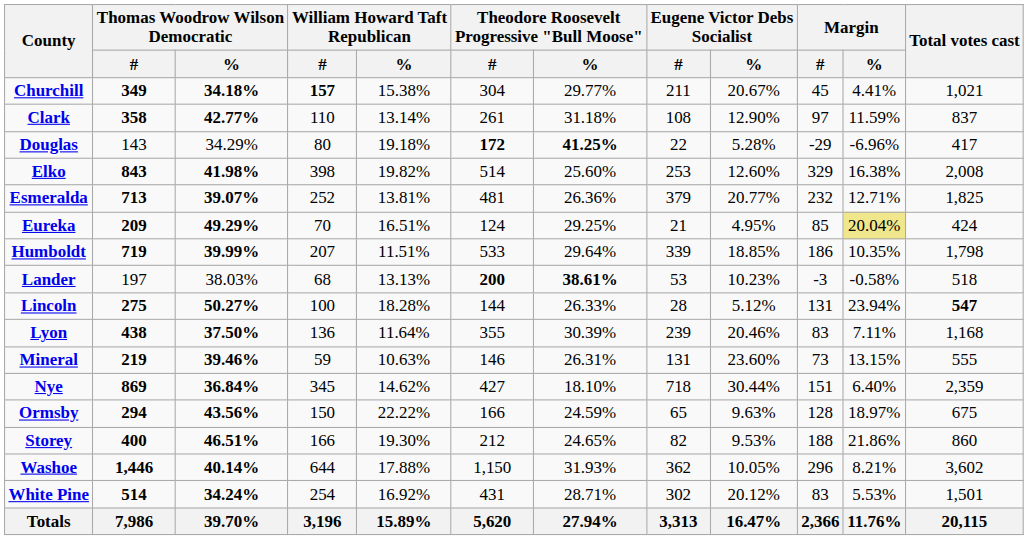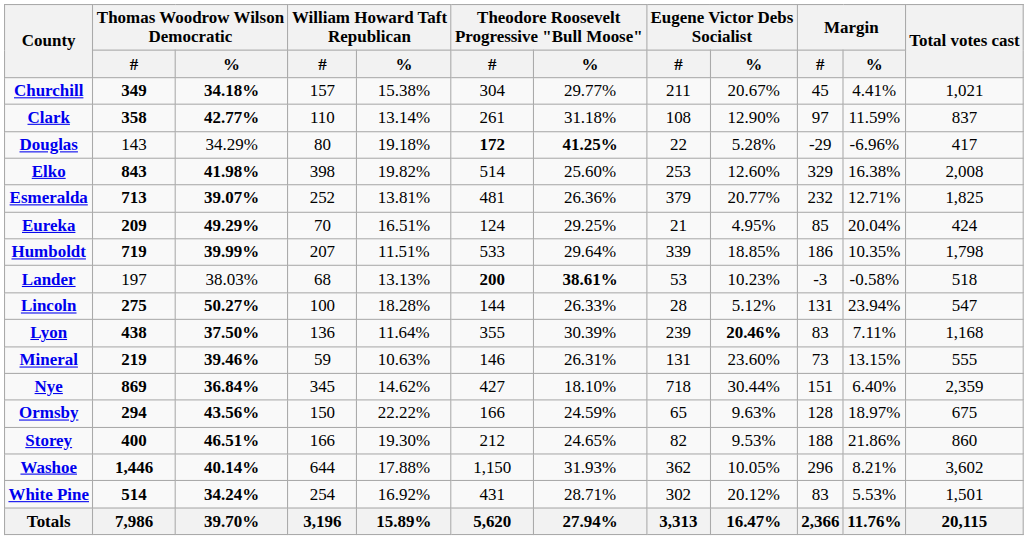 <table class="wikitable sortable">
 <tr>
 <th rowspan="2">County</th>
 <th colspan="2">Thomas Woodrow Wilson<br>Democratic</th>
 <th colspan="2">William Howard Taft<br>Republican</th>
 <th colspan="2">Theodore Roosevelt<br>Progressive "Bull Moose"</th>
 <th colspan="2">Eugene Victor Debs<br>Socialist</th>
 <th colspan="2">Margin</th>
 <th rowspan="2">Total votes cast</th>
 </tr>
 <tr bgcolor="lightgrey">
 <th style="text-align:center;" data-sort-type="number">#</th>
 <th style="text-align:center;" data-sort-type="number">%</th>
 <th style="text-align:center;" data-sort-type="number">#</th>
 <th style="text-align:center;" data-sort-type="number">%</th>
 <th style="text-align:center;" data-sort-type="number">#</th>
 <th style="text-align:center;" data-sort-type="number">%</th>
 <th style="text-align:center;" data-sort-type="number">#</th>
 <th style="text-align:center;" data-sort-type="number">%</th>
 <th style="text-align:center;" data-sort-type="number">#</th>
 <th style="text-align:center;" data-sort-type="number">%</th>
 </tr>
 <tr style="text-align:center;">
 <td><strong><a href='#'>Churchill</a></strong></td>
 <td><strong>349</strong></td>
 <td><strong>34.18%</strong></td>
-<td><strong>157</strong></td>
+<td>157</td>
 <td>15.38%</td>
 <td>304</td>
 <td>29.77%</td>
 <td>211</td>
 <td>20.67%</td>
 <td>45</td>
 <td>4.41%</td>
 <td>1,021</td>
 </tr>
 <tr style="text-align:center;">
 <td><strong><a href='#'>Clark</a></strong></td>
 <td><strong>358</strong></td>
 <td><strong>42.77%</strong></td>
 <td>110</td>
 <td>13.14%</td>
 <td>261</td>
 <td>31.18%</td>
 <td>108</td>
 <td>12.90%</td>
 <td>97</td>
 <td>11.59%</td>
 <td>837</td>
 </tr>
 <tr style="text-align:center;">
 <td><strong><a href='#'>Douglas</a></strong></td>
 <td>143</td>
 <td>34.29%</td>
 <td>80</td>
 <td>19.18%</td>
 <td><strong>172</strong></td>
 <td><strong>41.25%</strong></td>
 <td>22</td>
 <td>5.28%</td>
 <td>-29</td>
 <td>-6.96%</td>
 <td>417</td>
 </tr>
 <tr style="text-align:center;">
 <td><strong><a href='#'>Elko</a></strong></td>
 <td><strong>843</strong></td>
 <td><strong>41.98%</strong></td>
 <td>398</td>
 <td>19.82%</td>
 <td>514</td>
 <td>25.60%</td>
 <td>253</td>
 <td>12.60%</td>
 <td>329</td>
 <td>16.38%</td>
 <td>2,008</td>
 </tr>
 <tr style="text-align:center;">
 <td><strong><a href='#'>Esmeralda</a></strong></td>
 <td><strong>713</strong></td>
 <td><strong>39.07%</strong></td>
 <td>252</td>
 <td>13.81%</td>
 <td>481</td>
 <td>26.36%</td>
 <td>379</td>
 <td>20.77%</td>
 <td>232</td>
 <td>12.71%</td>
 <td>1,825</td>
 </tr>
 <tr style="text-align:center;">
 <td><strong><a href='#'>Eureka</a></strong></td>
 <td><strong>209</strong></td>
 <td><strong>49.29%</strong></td>
 <td>70</td>
 <td>16.51%</td>
 <td>124</td>
 <td>29.25%</td>
 <td>21</td>
 <td>4.95%</td>
 <td>85</td>
-<td style="background: khaki;">20.04%</td>
+<td>20.04%</td>
 <td>424</td>
 </tr>
 <tr style="text-align:center;">
 <td><strong><a href='#'>Humboldt</a></strong></td>
 <td><strong>719</strong></td>
 <td><strong>39.99%</strong></td>
 <td>207</td>
 <td>11.51%</td>
 <td>533</td>
 <td>29.64%</td>
 <td>339</td>
 <td>18.85%</td>
 <td>186</td>
 <td>10.35%</td>
 <td>1,798</td>
 </tr>
 <tr style="text-align:center;">
 <td><strong><a href='#'>Lander</a></strong></td>
 <td>197</td>
 <td>38.03%</td>
 <td>68</td>
 <td>13.13%</td>
 <td><strong>200</strong></td>
 <td><strong>38.61%</strong></td>
 <td>53</td>
 <td>10.23%</td>
 <td>-3</td>
 <td>-0.58%</td>
 <td>518</td>
 </tr>
 <tr style="text-align:center;">
 <td><strong><a href='#'>Lincoln</a></strong></td>
 <td><strong>275</strong></td>
 <td><strong>50.27%</strong></td>
 <td>100</td>
 <td>18.28%</td>
 <td>144</td>
 <td>26.33%</td>
 <td>28</td>
 <td>5.12%</td>
 <td>131</td>
 <td>23.94%</td>
-<td><strong>547</strong></td>
+<td>547</td>
 </tr>
 <tr style="text-align:center;">
 <td><strong><a href='#'>Lyon</a></strong></td>
 <td><strong>438</strong></td>
 <td><strong>37.50%</strong></td>
 <td>136</td>
 <td>11.64%</td>
 <td>355</td>
 <td>30.39%</td>
 <td>239</td>
-<td>20.46%</td>
+<td><strong>20.46%</strong></td>
 <td>83</td>
 <td>7.11%</td>
 <td>1,168</td>
 </tr>
 <tr style="text-align:center;">
 <td><strong><a href='#'>Mineral</a></strong></td>
 <td><strong>219</strong></td>
 <td><strong>39.46%</strong></td>
 <td>59</td>
 <td>10.63%</td>
 <td>146</td>
 <td>26.31%</td>
 <td>131</td>
 <td>23.60%</td>
 <td>73</td>
 <td>13.15%</td>
 <td>555</td>
 </tr>
 <tr style="text-align:center;">
 <td><strong><a href='#'>Nye</a></strong></td>
 <td><strong>869</strong></td>
 <td><strong>36.84%</strong></td>
 <td>345</td>
 <td>14.62%</td>
 <td>427</td>
 <td>18.10%</td>
 <td>718</td>
 <td>30.44%</td>
 <td>151</td>
 <td>6.40%</td>
 <td>2,359</td>
 </tr>
 <tr style="text-align:center;">
 <td><strong><a href='#'>Ormsby</a></strong></td>
 <td><strong>294</strong></td>
 <td><strong>43.56%</strong></td>
 <td>150</td>
 <td>22.22%</td>
 <td>166</td>
 <td>24.59%</td>
 <td>65</td>
 <td>9.63%</td>
 <td>128</td>
 <td>18.97%</td>
 <td>675</td>
 </tr>
 <tr style="text-align:center;">
 <td><strong><a href='#'>Storey</a></strong></td>
 <td><strong>400</strong></td>
 <td><strong>46.51%</strong></td>
 <td>166</td>
 <td>19.30%</td>
 <td>212</td>
 <td>24.65%</td>
 <td>82</td>
 <td>9.53%</td>
 <td>188</td>
 <td>21.86%</td>
 <td>860</td>
 </tr>
 <tr style="text-align:center;">
 <td><strong><a href='#'>Washoe</a></strong></td>
 <td><strong>1,446</strong></td>
 <td><strong>40.14%</strong></td>
 <td>644</td>
 <td>17.88%</td>
 <td>1,150</td>
 <td>31.93%</td>
 <td>362</td>
 <td>10.05%</td>
 <td>296</td>
 <td>8.21%</td>
 <td>3,602</td>
 </tr>
 <tr style="text-align:center;">
 <td><strong><a href='#'>White Pine</a></strong></td>
 <td><strong>514</strong></td>
 <td><strong>34.24%</strong></td>
 <td>254</td>
 <td>16.92%</td>
 <td>431</td>
 <td>28.71%</td>
 <td>302</td>
 <td>20.12%</td>
 <td>83</td>
 <td>5.53%</td>
 <td>1,501</td>
 </tr>
 <tr>
 <th>Totals</th>
 <th>7,986</th>
 <th>39.70%</th>
 <th>3,196</th>
 <th>15.89%</th>
 <th>5,620</th>
 <th>27.94%</th>
 <th>3,313</th>
 <th>16.47%</th>
 <th>2,366</th>
 <th>11.76%</th>
 <th>20,115</th>
 </tr>
 </table>
